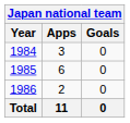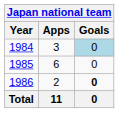 <table class="wikitable" style="text-align:center">
 <tr>
 <th colspan=3><a href='#'>Japan national team</a></th>
 </tr>
 <tr>
 <th>Year</th>
 <th>Apps</th>
 <th>Goals</th>
 </tr>
 <tr>
 <td><a href='#'>1984</a></td>
 <td>3</td>
-<td>0</td>
+<td style="background: lightblue;">0</td>
 </tr>
 <tr>
 <td><a href='#'>1985</a></td>
 <td>6</td>
 <td>0</td>
 </tr>
 <tr>
 <td><a href='#'>1986</a></td>
 <td>2</td>
-<td>0</td>
+<td><strong>0</strong></td>
 </tr>
 <tr>
 <th>Total</th>
 <th>11</th>
 <th>0</th>
 </tr>
 </table>
